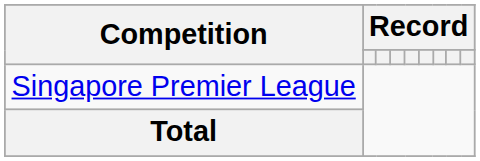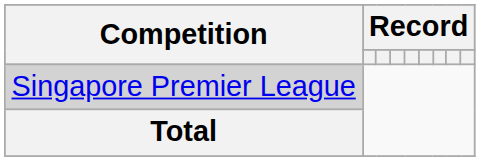 <table class="wikitable" style="text-align: center">
 <tr>
 <th rowspan=2>Competition</th>
 <th colspan=8>Record</th>
 </tr>
 <tr>
 <th></th>
 <th></th>
 <th></th>
 <th></th>
 <th></th>
 <th></th>
 <th></th>
 <th></th>
 </tr>
 <tr>
-<td><a href='#'>Singapore Premier League</a><br></td>
+<td style="background: lightgrey;"><a href='#'>Singapore Premier League</a><br></td>
 </tr>
 <tr>
 <th>Total<br></th>
 </tr>
 </table>
